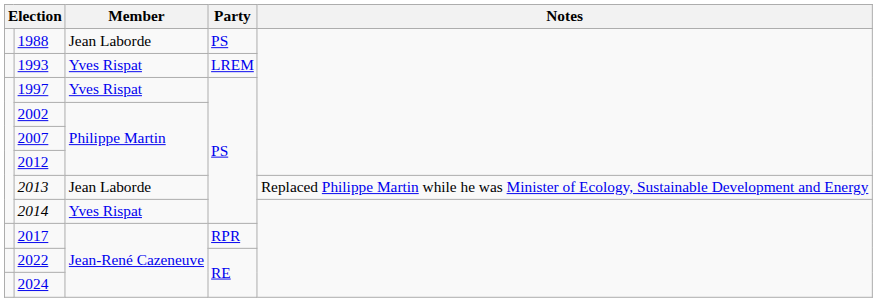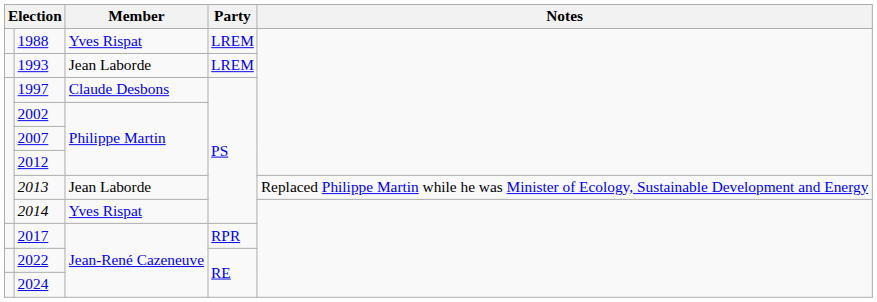 <table class="wikitable">
 <tr>
 <th colspan="2">Election</th>
 <th>Member</th>
 <th>Party</th>
 <th>Notes</th>
 </tr>
 <tr>
 <td style="color:inherit;background-color: "></td>
 <td><a href='#'>1988</a></td>
-<td>Jean Laborde</td>
-<td><a href='#'>PS</a></td>
+<td><a href='#'>Yves Rispat</a></td>
+<td><a href='#'>LREM</a></td>
 </tr>
 <tr>
 <td style="color:inherit;background-color: "></td>
 <td><a href='#'>1993</a></td>
-<td><a href='#'>Yves Rispat</a></td>
+<td>Jean Laborde</td>
 <td><a href='#'>LREM</a></td>
 </tr>
 <tr>
 <td rowspan=6 style="color:inherit;background-color: "></td>
 <td><a href='#'>1997</a></td>
-<td><a href='#'>Yves Rispat</a></td>
+<td><a href='#'>Claude Desbons</a></td>
 <td rowspan="6"><a href='#'>PS</a></td>
 </tr>
 <tr>
 <td><a href='#'>2002</a></td>
 <td rowspan=3><a href='#'>Philippe Martin</a></td>
 </tr>
 <tr>
 <td><a href='#'>2007</a></td>
 </tr>
 <tr>
 <td><a href='#'>2012</a></td>
 </tr>
 <tr>
 <td><em>2013</em></td>
 <td>Jean Laborde</td>
 <td>Replaced <a href='#'>Philippe Martin</a> while he was  <a href='#'>Minister of Ecology, Sustainable Development and Energy</a></td>
 </tr>
 <tr>
 <td><em>2014</em></td>
 <td><a href='#'>Yves Rispat</a></td>
 </tr>
 <tr>
 <td style="color:inherit;background-color: "></td>
 <td><a href='#'>2017</a></td>
 <td rowspan="3"><a href='#'>Jean-René Cazeneuve</a></td>
 <td><a href='#'>RPR</a></td>
 </tr>
 <tr>
 <td style="color:inherit;background-color: "></td>
 <td><a href='#'>2022</a></td>
 <td rowspan="2"><a href='#'>RE</a></td>
 </tr>
 <tr>
 <td style="color:inherit;background-color: "></td>
 <td><a href='#'>2024</a></td>
 </tr>
 </table>
